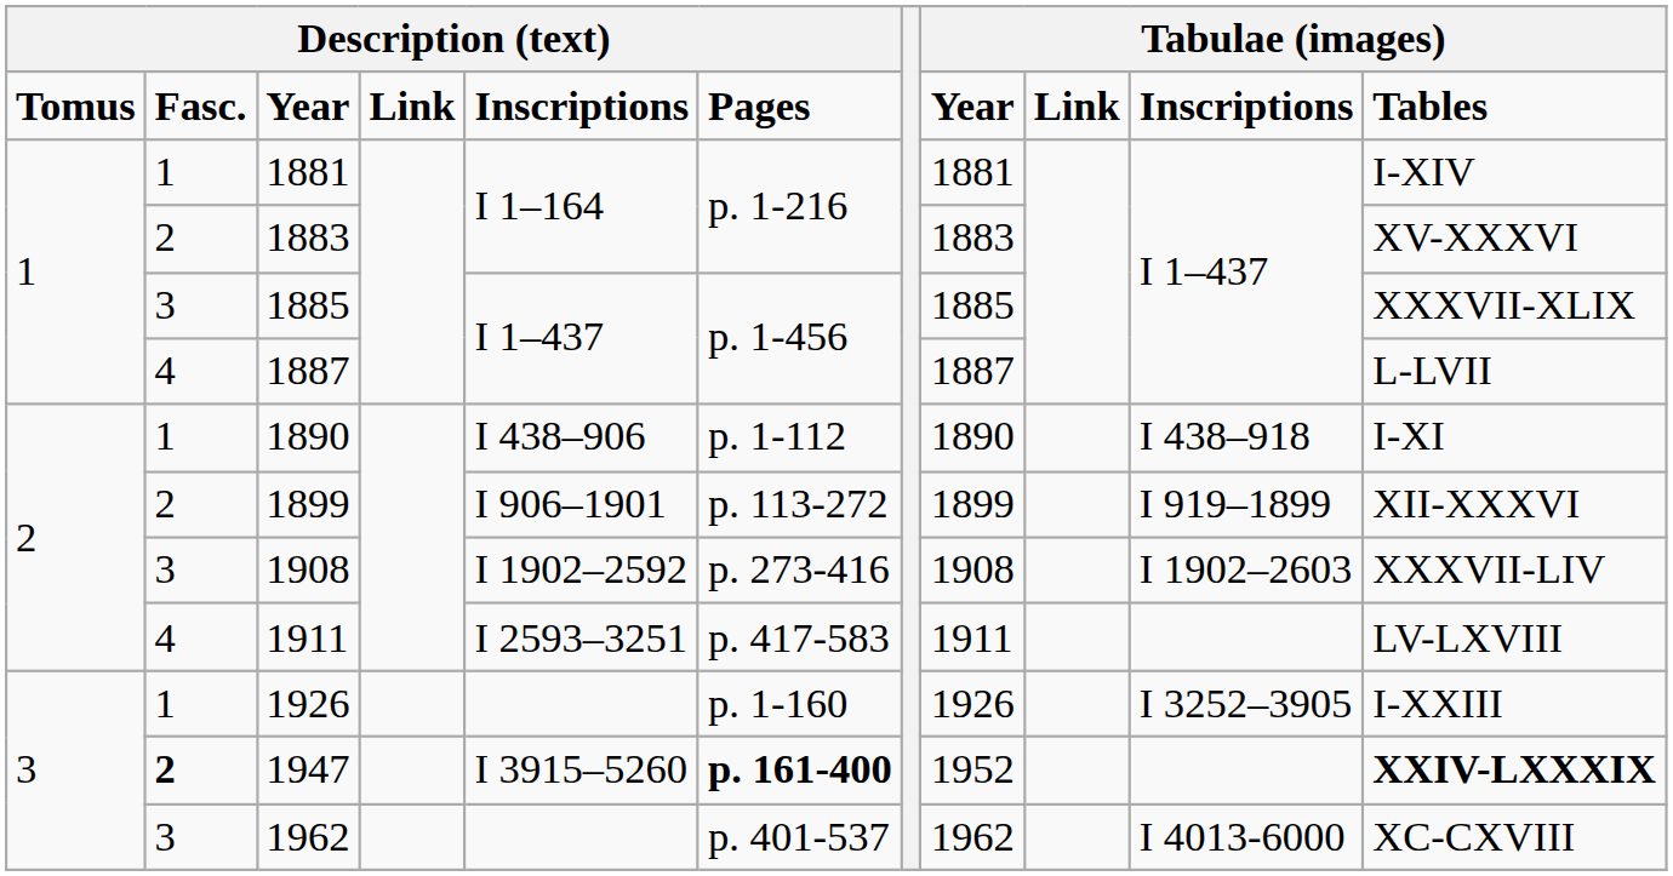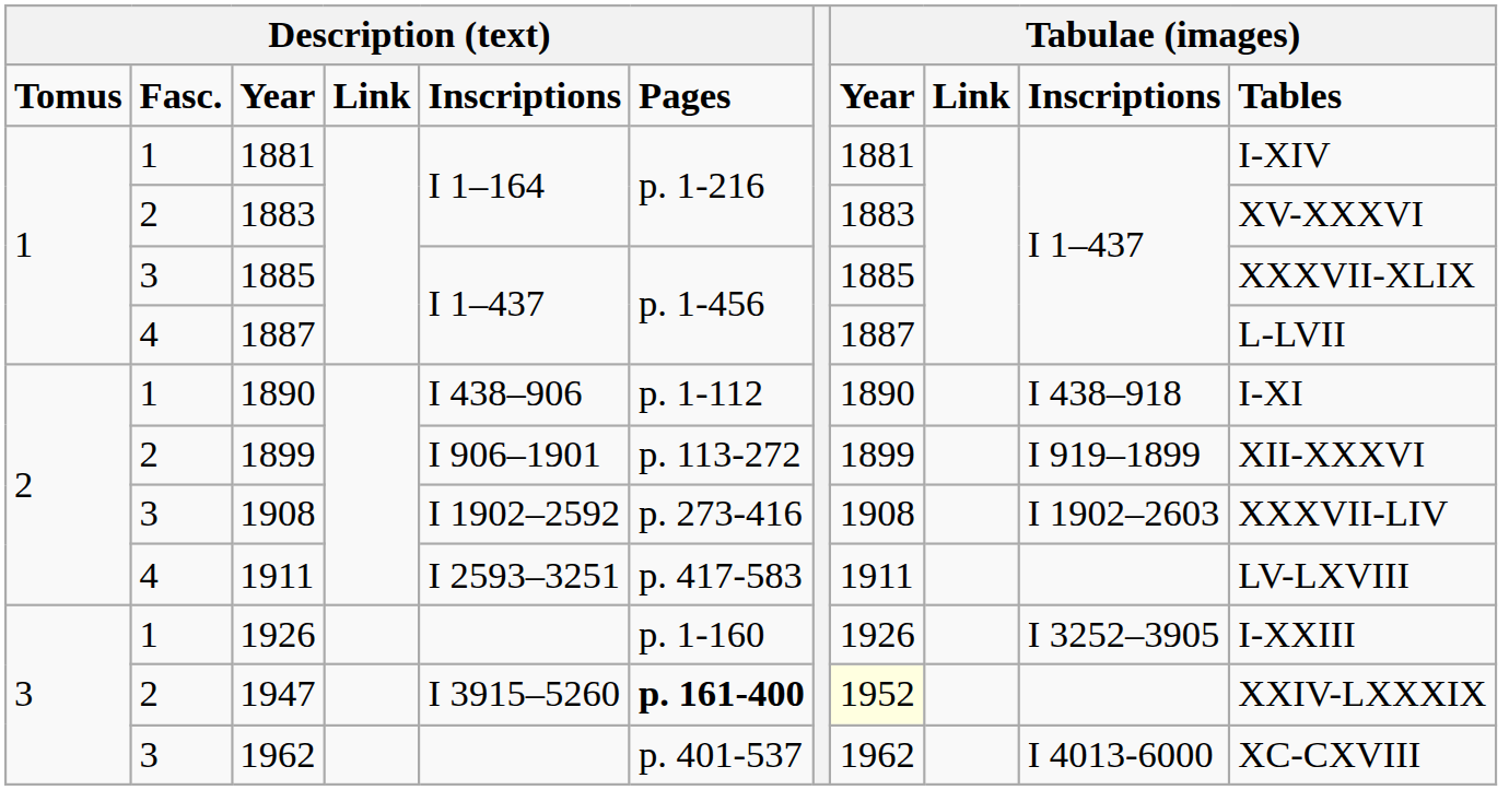 <table class="wikitable">
 <tr>
 <th colspan="6">Description (text)</th>
 <th rowspan="13"></th>
 <th colspan="4">Tabulae (images)</th>
 </tr>
 <tr>
 <td><strong>Tomus</strong></td>
 <td><strong>Fasc.</strong></td>
 <td><strong>Year</strong></td>
 <td><strong>Link</strong></td>
 <td><strong>Inscriptions</strong></td>
 <td><strong>Pages</strong></td>
 <td><strong>Year</strong></td>
 <td><strong>Link</strong></td>
 <td><strong>Inscriptions</strong></td>
 <td><strong>Tables</strong></td>
 </tr>
 <tr>
 <td rowspan="4">1</td>
 <td>1</td>
 <td>1881</td>
 <td rowspan="4"></td>
 <td rowspan="2">I 1–164</td>
 <td rowspan="2">p. 1-216</td>
 <td>1881</td>
 <td rowspan="4"></td>
 <td rowspan="4">I 1–437</td>
 <td>I-XIV</td>
 </tr>
 <tr>
 <td>2</td>
 <td>1883</td>
 <td>1883</td>
 <td>XV-XXXVI</td>
 </tr>
 <tr>
 <td>3</td>
 <td>1885</td>
 <td rowspan="2">I 1–437</td>
 <td rowspan="2">p. 1-456</td>
 <td>1885</td>
 <td>XXXVII-XLIX</td>
 </tr>
 <tr>
 <td>4</td>
 <td>1887</td>
 <td>1887</td>
 <td>L-LVII</td>
 </tr>
 <tr>
 <td rowspan="4">2</td>
 <td>1</td>
 <td>1890</td>
 <td rowspan="4"></td>
 <td>I 438–906</td>
 <td>p. 1-112</td>
 <td>1890</td>
 <td></td>
 <td>I 438–918</td>
 <td>I-XI</td>
 </tr>
 <tr>
 <td>2</td>
 <td>1899</td>
 <td>I 906–1901</td>
 <td>p. 113-272</td>
 <td>1899</td>
 <td></td>
 <td>I 919–1899</td>
 <td>XII-XXXVI</td>
 </tr>
 <tr>
 <td>3</td>
 <td>1908</td>
 <td>I 1902–2592</td>
 <td>p. 273-416</td>
 <td>1908</td>
 <td></td>
 <td>I 1902–2603</td>
 <td>XXXVII-LIV</td>
 </tr>
 <tr>
 <td>4</td>
 <td>1911</td>
 <td>I 2593–3251</td>
 <td>p. 417-583</td>
 <td>1911</td>
 <td></td>
 <td></td>
 <td>LV-LXVIII</td>
 </tr>
 <tr>
 <td rowspan="3">3</td>
 <td>1</td>
 <td>1926</td>
 <td></td>
 <td></td>
 <td>p. 1-160</td>
 <td>1926</td>
 <td></td>
 <td>I 3252–3905</td>
 <td>I-XXIII</td>
 </tr>
 <tr>
-<td><strong>2</strong></td>
+<td>2</td>
 <td>1947</td>
 <td></td>
 <td>I 3915–5260</td>
 <td><strong>p. 161-400</strong></td>
-<td>1952</td>
+<td style="background: lightyellow;">1952</td>
 <td></td>
 <td></td>
-<td><strong>XXIV-LXXXIX</strong></td>
+<td>XXIV-LXXXIX</td>
 </tr>
 <tr>
 <td>3</td>
 <td>1962</td>
 <td></td>
 <td></td>
 <td>p. 401-537</td>
 <td>1962</td>
 <td></td>
 <td>I 4013-6000</td>
 <td>XC-CXVIII</td>
 </tr>
 </table>
